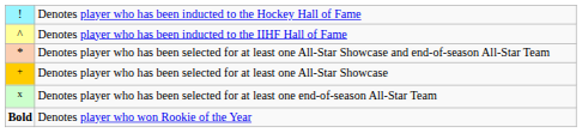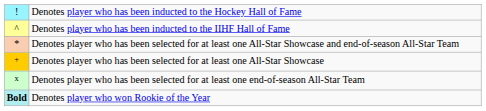 <table class="wikitable" style="width:60%;">
 <tr>
 <td bgcolor=#98f5ff width="5%" align=center>!</td>
 <td>Denotes <a href='#'>player who has been inducted to the Hockey Hall of Fame</a></td>
 </tr>
 <tr>
 <td bgcolor=#FFFF99 width="5%" align=center>^</td>
 <td>Denotes <a href='#'>player who has been inducted to the IIHF Hall of Fame</a></td>
 </tr>
 <tr>
 <td bgcolor=#FBCEB1 width="5%" align=center>*</td>
 <td>Denotes player who has been selected for at least one All-Star Showcase and end-of-season All-Star Team</td>
 </tr>
 <tr>
 <td bgcolor=#FFCC00 width="5%" align=center><sup>+</sup></td>
 <td>Denotes player who has been selected for at least one All-Star Showcase</td>
 </tr>
 <tr>
 <td bgcolor=#CCFFCC width="5%" align=center><sup>x</sup></td>
 <td>Denotes player who has been selected for at least one end-of-season All-Star Team</td>
 </tr>
 <tr>
-<td align=center><strong>Bold</strong></td>
+<td align=center style="background: paleturquoise;"><strong>Bold</strong></td>
 <td>Denotes <a href='#'>player who won Rookie of the Year</a></td>
 </tr>
 </table>
